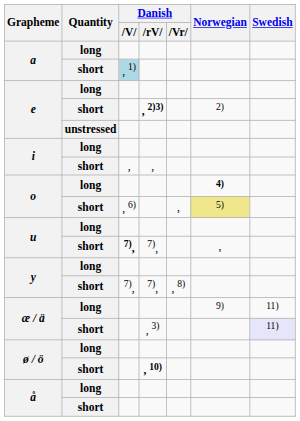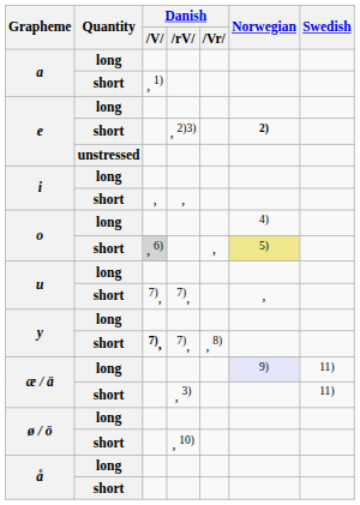 <table class="wikitable">
 <tr align=center>
 <th rowspan=2>Grapheme</th>
 <th rowspan=2>Quantity</th>
 <th colspan=3><a href='#'>Danish</a></th>
 <th rowspan=2><a href='#'>Norwegian</a></th>
 <th rowspan=2><a href='#'>Swedish</a></th>
 </tr>
 <tr align=center>
 <th>/V/</th>
 <th>/rV/</th>
 <th>/Vr/</th>
 </tr>
 <tr align=center>
 <th rowspan="2"><em>a</em></th>
 <th>long</th>
 <td></td>
 <td></td>
 <td></td>
 <td></td>
 <td></td>
 </tr>
 <tr align=center>
 <th>short</th>
-<td style="background: lightblue;">, <sup>1)</sup></td>
+<td>, <sup>1)</sup></td>
 <td></td>
 <td></td>
 <td></td>
 <td></td>
 </tr>
 <tr align=center>
 <th rowspan="3"><em>e</em></th>
 <th>long</th>
 <td></td>
 <td></td>
 <td></td>
 <td></td>
 <td></td>
 </tr>
 <tr align=center>
 <th>short</th>
 <td></td>
-<td><strong>,  <sup>2)3)</sup></strong></td>
+<td>,  <sup>2)3)</sup></td>
 <td></td>
-<td> <sup>2)</sup></td>
+<td><strong> <sup>2)</sup></strong></td>
 <td></td>
 </tr>
 <tr align=center>
 <th>unstressed</th>
 <td></td>
 <td></td>
 <td></td>
 <td></td>
 <td></td>
 </tr>
 <tr align=center>
 <th rowspan="2"><em>i</em></th>
 <th>long</th>
 <td></td>
 <td></td>
 <td></td>
 <td></td>
 <td></td>
 </tr>
 <tr align=center>
 <th>short</th>
 <td>, </td>
 <td>, </td>
 <td></td>
 <td></td>
 <td></td>
 </tr>
 <tr align=center>
 <th rowspan="2"><em>o</em></th>
 <th>long</th>
 <td></td>
 <td></td>
 <td></td>
-<td><strong> <sup>4)</sup></strong></td>
+<td> <sup>4)</sup></td>
 <td></td>
 </tr>
 <tr align=center>
 <th>short</th>
-<td>,  <sup>6)</sup></td>
+<td style="background: lightgrey;">,  <sup>6)</sup></td>
 <td></td>
 <td>, </td>
 <td style="background: khaki;"> <sup>5)</sup></td>
 <td></td>
 </tr>
 <tr align=center>
 <th rowspan="2"><em>u</em></th>
 <th>long</th>
 <td></td>
 <td></td>
 <td></td>
 <td></td>
 <td></td>
 </tr>
 <tr align=center>
 <th>short</th>
-<td><strong> <sup>7)</sup>, </strong></td>
+<td> <sup>7)</sup>, </td>
 <td> <sup>7)</sup>, </td>
 <td></td>
 <td>, </td>
 <td></td>
 </tr>
 <tr align=center>
 <th rowspan="2"><em>y</em></th>
 <th>long</th>
 <td></td>
 <td></td>
 <td></td>
 <td></td>
 <td></td>
 </tr>
 <tr align=center>
 <th>short</th>
-<td> <sup>7)</sup>, </td>
+<td><strong> <sup>7)</sup>, </strong></td>
 <td> <sup>7)</sup>, </td>
 <td>,  <sup>8)</sup></td>
 <td></td>
 <td></td>
 </tr>
 <tr align=center>
 <th rowspan="2"><em>æ / ä</em></th>
 <th>long</th>
 <td></td>
 <td></td>
 <td></td>
-<td> <sup>9)</sup></td>
+<td style="background: lavender;"> <sup>9)</sup></td>
 <td> <sup>11)</sup></td>
 </tr>
 <tr align=center>
 <th>short</th>
 <td></td>
 <td>,  <sup>3)</sup></td>
 <td></td>
 <td></td>
-<td style="background: lavender;"> <sup>11)</sup></td>
+<td> <sup>11)</sup></td>
 </tr>
 <tr align=center>
 <th rowspan="2"><em>ø / ö</em></th>
 <th>long</th>
 <td></td>
 <td></td>
 <td></td>
 <td></td>
 <td></td>
 </tr>
 <tr align=center>
 <th>short</th>
 <td></td>
-<td><strong>,  <sup>10)</sup></strong></td>
+<td>,  <sup>10)</sup></td>
 <td></td>
 <td></td>
 <td></td>
 </tr>
 <tr align=center>
 <th rowspan="2"><em>å</em></th>
 <th>long</th>
 <td></td>
 <td></td>
 <td></td>
 <td></td>
 <td></td>
 </tr>
 <tr align=center>
 <th>short</th>
 <td></td>
 <td></td>
 <td></td>
 <td></td>
 <td></td>
 </tr>
 </table>
